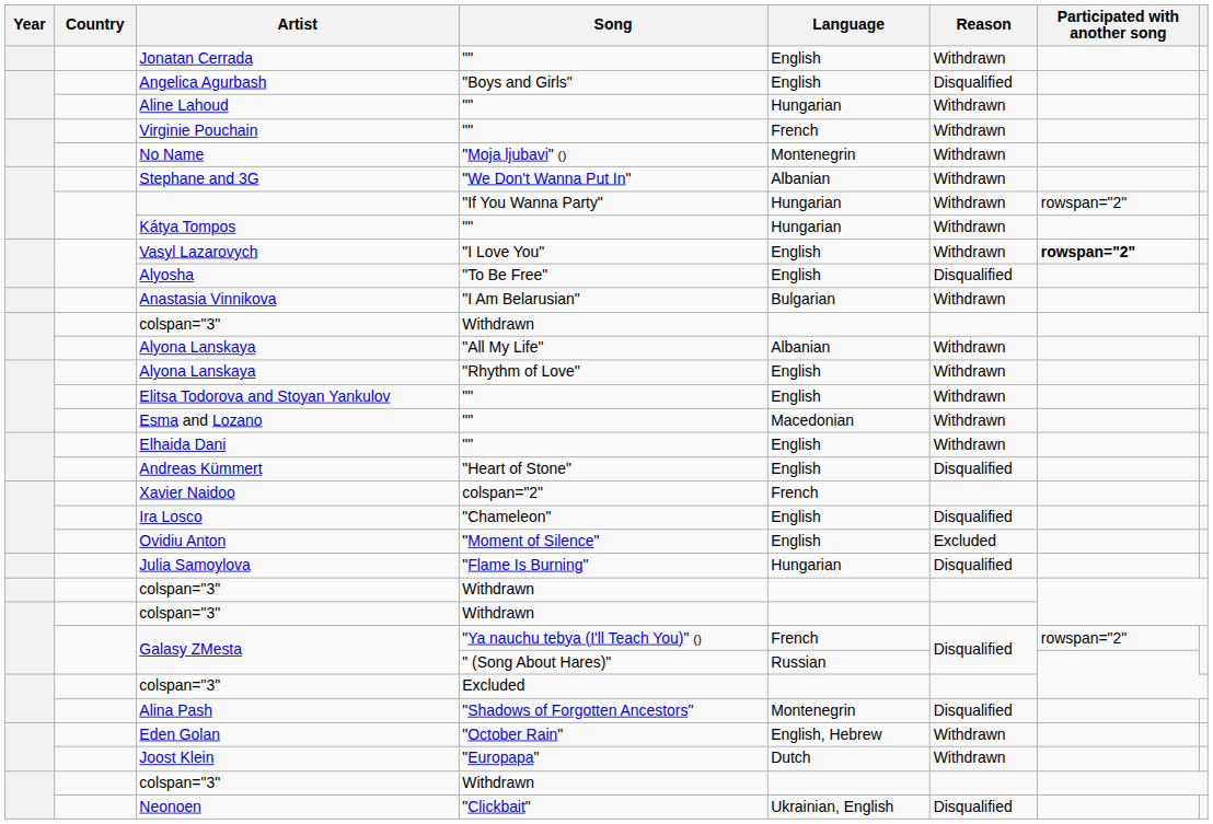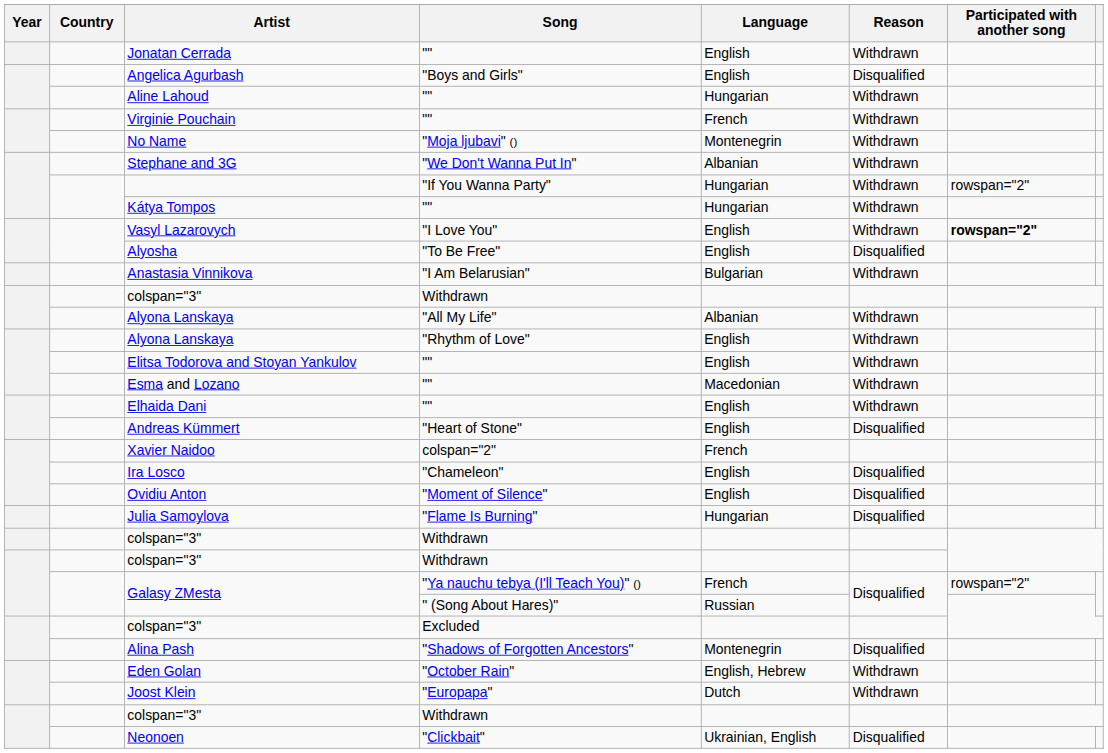 <table class="wikitable sortable plainrowheaders" style="width:100%">
 <tr>
 </tr>
 <tr>
 <th scope="col">Year</th>
 <th scope="col">Country</th>
 <th scope="col">Artist</th>
 <th scope="col">Song</th>
 <th scope="col">Language</th>
 <th scope="col">Reason</th>
 <th scope="col">Participated with<br>another song</th>
 <th scope="col"></th>
 </tr>
 <tr>
 <th scope="row"></th>
 <td></td>
 <td><a href='#'>Jonatan Cerrada</a></td>
 <td>""</td>
 <td>English</td>
 <td>Withdrawn</td>
 <td></td>
 <td></td>
 </tr>
 <tr>
 <th scope="row" rowspan="2"></th>
 <td></td>
 <td><a href='#'>Angelica Agurbash</a></td>
 <td>"Boys and Girls"</td>
 <td>English</td>
 <td>Disqualified</td>
 <td></td>
 <td></td>
 </tr>
 <tr>
 <td></td>
 <td><a href='#'>Aline Lahoud</a></td>
 <td>""</td>
 <td>Hungarian</td>
 <td>Withdrawn</td>
 <td></td>
 <td></td>
 </tr>
 <tr>
 <th scope="row" rowspan="2"></th>
 <td></td>
 <td><a href='#'>Virginie Pouchain</a></td>
 <td>""</td>
 <td>French</td>
 <td>Withdrawn</td>
 <td></td>
 <td></td>
 </tr>
 <tr>
 <td></td>
 <td><a href='#'>No Name</a></td>
 <td>"<a href='#'>Moja ljubavi</a>" <small>()</small></td>
 <td>Montenegrin</td>
 <td>Withdrawn</td>
 <td></td>
 <td></td>
 </tr>
 <tr>
 <th scope="row" rowspan="3"></th>
 <td></td>
 <td><a href='#'>Stephane and 3G</a></td>
 <td>"<a href='#'>We Don't Wanna Put In</a>"</td>
 <td>Albanian</td>
 <td>Withdrawn</td>
 <td></td>
 <td></td>
 </tr>
 <tr>
 <td rowspan="2"></td>
 <td></td>
 <td>"If You Wanna Party"</td>
 <td>Hungarian</td>
 <td>Withdrawn</td>
 <td>rowspan="2" </td>
 <td></td>
 </tr>
 <tr>
 <td><a href='#'>Kátya Tompos</a></td>
 <td>""</td>
 <td>Hungarian</td>
 <td>Withdrawn</td>
 <td></td>
 </tr>
 <tr>
 <th scope="row" rowspan="2"></th>
 <td rowspan="2"></td>
 <td><a href='#'>Vasyl Lazarovych</a></td>
 <td>"I Love You"</td>
 <td>English</td>
 <td>Withdrawn</td>
 <td><strong>rowspan="2" </strong></td>
 <td></td>
 </tr>
 <tr>
 <td><a href='#'>Alyosha</a></td>
 <td>"To Be Free"</td>
 <td>English</td>
 <td>Disqualified</td>
 <td></td>
 </tr>
 <tr>
 <th scope="row"></th>
 <td></td>
 <td><a href='#'>Anastasia Vinnikova</a></td>
 <td>"I Am Belarusian"</td>
 <td>Bulgarian</td>
 <td>Withdrawn</td>
 <td></td>
 <td></td>
 </tr>
 <tr>
 <th scope="row" rowspan="2"></th>
 <td></td>
 <td>colspan="3" </td>
 <td>Withdrawn</td>
 <td></td>
 <td></td>
 </tr>
 <tr>
 <td></td>
 <td><a href='#'>Alyona Lanskaya</a></td>
 <td>"All My Life"</td>
 <td>Albanian</td>
 <td>Withdrawn</td>
 <td></td>
 <td></td>
 </tr>
 <tr>
 <th scope="row" rowspan="3"></th>
 <td></td>
 <td><a href='#'>Alyona Lanskaya</a></td>
 <td>"Rhythm of Love"</td>
 <td>English</td>
 <td>Withdrawn</td>
 <td></td>
 <td></td>
 </tr>
 <tr>
 <td></td>
 <td><a href='#'>Elitsa Todorova and Stoyan Yankulov</a></td>
 <td>"" </td>
 <td>English</td>
 <td>Withdrawn</td>
 <td></td>
 <td></td>
 </tr>
 <tr>
 <td></td>
 <td><a href='#'>Esma</a> and <a href='#'>Lozano</a></td>
 <td>""</td>
 <td>Macedonian</td>
 <td>Withdrawn</td>
 <td></td>
 <td></td>
 </tr>
 <tr>
 <th scope="row" rowspan="2"></th>
 <td></td>
 <td><a href='#'>Elhaida Dani</a></td>
 <td>""</td>
 <td>English</td>
 <td>Withdrawn</td>
 <td></td>
 <td></td>
 </tr>
 <tr>
 <td></td>
 <td><a href='#'>Andreas Kümmert</a></td>
 <td>"Heart of Stone"</td>
 <td>English</td>
 <td>Disqualified</td>
 <td></td>
 <td></td>
 </tr>
 <tr>
 <th scope="rowgroup" rowspan="3"></th>
 <td></td>
 <td><a href='#'>Xavier Naidoo</a></td>
 <td>colspan="2" </td>
 <td>French</td>
 <td></td>
 <td></td>
 </tr>
 <tr>
 <td></td>
 <td><a href='#'>Ira Losco</a></td>
 <td>"Chameleon"</td>
 <td>English</td>
 <td>Disqualified</td>
 <td></td>
 <td></td>
 </tr>
 <tr>
 <td></td>
 <td><a href='#'>Ovidiu Anton</a></td>
 <td>"<a href='#'>Moment of Silence</a>"</td>
 <td>English</td>
-<td>Excluded</td>
+<td>Disqualified</td>
 <td></td>
 <td></td>
 </tr>
 <tr>
 <th scope="row"></th>
 <td></td>
 <td><a href='#'>Julia Samoylova</a></td>
 <td>"<a href='#'>Flame Is Burning</a>"</td>
 <td>Hungarian</td>
 <td>Disqualified</td>
 <td></td>
 <td></td>
 </tr>
 <tr>
 <th scope="row"></th>
 <td><br></td>
 <td>colspan="3" </td>
 <td>Withdrawn</td>
 <td></td>
 <td></td>
 </tr>
 <tr>
 <th scope="row" rowspan="3"></th>
 <td></td>
 <td>colspan="3" </td>
 <td>Withdrawn</td>
 <td></td>
 <td></td>
 </tr>
 <tr>
 <td rowspan="2"></td>
 <td rowspan="2"><a href='#'>Galasy ZMesta</a></td>
 <td>"<a href='#'><span>Ya nauchu tebya</span> (I'll Teach You)</a>" <small>()</small></td>
 <td>French</td>
 <td rowspan="2">Disqualified</td>
 <td>rowspan="2" </td>
 <td rowspan="2"></td>
 </tr>
 <tr>
 <td>" (Song About Hares)" </td>
 <td>Russian</td>
 </tr>
 <tr>
 <th scope="row" rowspan=2></th>
 <td></td>
 <td>colspan="3" </td>
 <td>Excluded</td>
 <td></td>
 <td></td>
 </tr>
 <tr>
 <td></td>
 <td><a href='#'>Alina Pash</a></td>
 <td>"<a href='#'>Shadows of Forgotten Ancestors</a>"</td>
 <td>Montenegrin</td>
 <td>Disqualified</td>
 <td></td>
 <td></td>
 </tr>
 <tr>
 <th scope="row" rowspan="2"></th>
 <td></td>
 <td><a href='#'>Eden Golan</a></td>
 <td>"<a href='#'>October Rain</a>"</td>
 <td>English, Hebrew</td>
 <td>Withdrawn</td>
 <td></td>
 <td></td>
 </tr>
 <tr>
 <td></td>
 <td><a href='#'>Joost Klein</a></td>
 <td>"<a href='#'>Europapa</a>"</td>
 <td>Dutch</td>
 <td>Withdrawn</td>
 <td></td>
 <td></td>
 </tr>
 <tr>
 <th scope="rowgroup" rowspan="2"></th>
 <td></td>
 <td>colspan="3" </td>
 <td>Withdrawn</td>
 <td></td>
 <td></td>
 </tr>
 <tr>
 <td></td>
 <td><a href='#'>Neonoen</a></td>
 <td>"<a href='#'>Clickbait</a>"</td>
 <td>Ukrainian, English</td>
 <td>Disqualified</td>
 <td></td>
 <td></td>
 </tr>
 </table>
